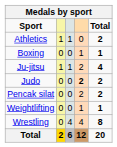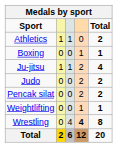 <table class=wikitable style="font-size:85%; float:right;text-align:center">
 <tr bgcolor=EFEFEF>
 <th colspan=7><strong>Medals by sport</strong></th>
 </tr>
 <tr>
 <td><strong>Sport</strong></td>
 <td bgcolor=F7F6A8></td>
 <td bgcolor=DCE5E5></td>
 <td bgcolor=FFDBA9></td>
 <td><strong>Total</strong></td>
 </tr>
 <tr>
 <td><a href='#'>Athletics</a></td>
 <td bgcolor=F7F6A8>1</td>
 <td bgcolor=DCE5E5>1</td>
 <td bgcolor=FFDAB9>0</td>
 <td><strong>2</strong></td>
 </tr>
 <tr>
 <td><a href='#'>Boxing</a></td>
 <td bgcolor=F7F6A8>0</td>
 <td bgcolor=DCE5E5>0</td>
 <td bgcolor=FFDAB9>1</td>
 <td><strong>1</strong></td>
 </tr>
 <tr>
 <td><a href='#'>Ju-jitsu</a></td>
 <td bgcolor=F7F6A8>1</td>
 <td bgcolor=DCE5E5>1</td>
 <td bgcolor=FFDAB9>2</td>
 <td><strong>4</strong></td>
 </tr>
 <tr>
 <td><a href='#'>Judo</a></td>
 <td bgcolor=F7F6A8>0</td>
 <td bgcolor=DCE5E5>0</td>
-<td bgcolor=FFDAB9><strong>2</strong></td>
+<td bgcolor=FFDAB9>2</td>
 <td><strong>2</strong></td>
 </tr>
 <tr>
 <td><a href='#'>Pencak silat</a></td>
 <td bgcolor=F7F6A8>0</td>
 <td bgcolor=DCE5E5>0</td>
 <td bgcolor=FFDAB9>2</td>
 <td><strong>2</strong></td>
 </tr>
 <tr>
 <td><a href='#'>Weightlifting</a></td>
 <td bgcolor=F7F6A8>0</td>
 <td bgcolor=DCE5E5>0</td>
 <td bgcolor=FFDAB9>1</td>
 <td><strong>1</strong></td>
 </tr>
 <tr>
 <td><a href='#'>Wrestling</a></td>
 <td bgcolor=F7F6A8>0</td>
 <td bgcolor=DCE5E5>4</td>
-<td bgcolor=FFDAB9>4</td>
+<td bgcolor=FFDAB9><strong>4</strong></td>
 <td><strong>8</strong></td>
 </tr>
 <tr>
 <th><strong>Total</strong></th>
 <td style="background:gold;"><strong>2</strong></td>
 <td style="background:silver;"><strong>6</strong></td>
 <td style="background:#c96;"><strong>12</strong></td>
 <td><strong>20</strong></td>
 </tr>
 </table>
